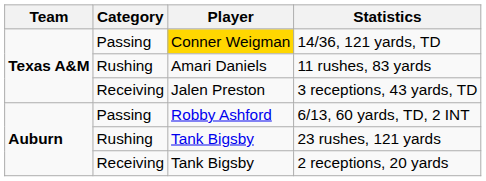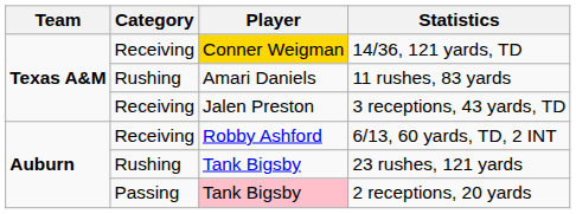 <table class="wikitable" style="float: right;">
 <tr>
 <th>Team</th>
 <th>Category</th>
 <th>Player</th>
 <th>Statistics</th>
 </tr>
 <tr>
 <td rowspan=3><strong>Texas A&M</strong></td>
-<td>Passing</td>
+<td>Receiving</td>
 <td style="background: gold;">Conner Weigman</td>
 <td>14/36, 121 yards, TD</td>
 </tr>
 <tr>
 <td>Rushing</td>
 <td>Amari Daniels</td>
 <td>11 rushes, 83 yards</td>
 </tr>
 <tr>
 <td>Receiving</td>
 <td>Jalen Preston</td>
 <td>3 receptions, 43 yards, TD</td>
 </tr>
 <tr>
 <td rowspan=3><strong>Auburn</strong></td>
-<td>Passing</td>
+<td>Receiving</td>
 <td><a href='#'>Robby Ashford</a></td>
 <td>6/13, 60 yards, TD, 2 INT</td>
 </tr>
 <tr>
 <td>Rushing</td>
 <td><a href='#'>Tank Bigsby</a></td>
 <td>23 rushes, 121 yards</td>
 </tr>
 <tr>
-<td>Receiving</td>
-<td>Tank Bigsby</td>
+<td>Passing</td>
+<td style="background: pink;">Tank Bigsby</td>
 <td>2 receptions, 20 yards</td>
 </tr>
 </table>
